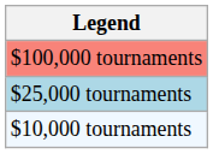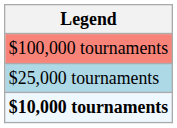 <table class=wikitable style=font-size:85%>
 <tr>
 <th>Legend</th>
 </tr>
 <tr style=background:#f88379>
 <td>$100,000 tournaments</td>
 </tr>
 <tr style=background:lightblue>
 <td>$25,000 tournaments</td>
 </tr>
 <tr bgcolor=#f0f8ff>
-<td>$10,000 tournaments</td>
+<td><strong>$10,000 tournaments</strong></td>
 </tr>
 </table>
